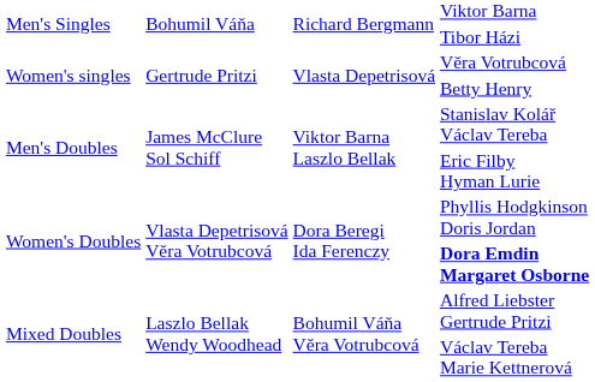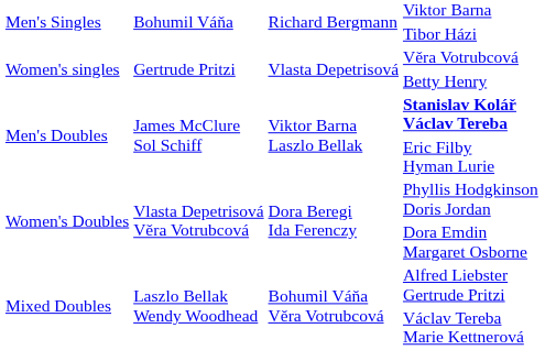 <table>
 <tr>
 <td rowspan=2><a href='#'>Men's Singles</a></td>
 <td rowspan=2> <a href='#'>Bohumil Váňa</a></td>
 <td rowspan=2> <a href='#'>Richard Bergmann</a></td>
 <td> <a href='#'>Viktor Barna</a></td>
 </tr>
 <tr>
 <td> <a href='#'>Tibor Házi</a></td>
 </tr>
 <tr>
 <td rowspan=2><a href='#'>Women's singles</a></td>
 <td rowspan=2> <a href='#'>Gertrude Pritzi</a></td>
 <td rowspan=2> <a href='#'>Vlasta Depetrisová</a></td>
 <td> <a href='#'>Věra Votrubcová</a></td>
 </tr>
 <tr>
 <td> <a href='#'>Betty Henry</a></td>
 </tr>
 <tr>
 <td rowspan=2><a href='#'>Men's Doubles</a></td>
 <td rowspan=2> <a href='#'>James McClure</a><br> <a href='#'>Sol Schiff</a></td>
 <td rowspan=2> <a href='#'>Viktor Barna</a><br> <a href='#'>Laszlo Bellak</a></td>
-<td> <a href='#'>Stanislav Kolář</a><br> <a href='#'>Václav Tereba</a></td>
+<td><strong> <a href='#'>Stanislav Kolář</a><br> <a href='#'>Václav Tereba</a></strong></td>
 </tr>
 <tr>
 <td> <a href='#'>Eric Filby</a><br> <a href='#'>Hyman Lurie</a></td>
 </tr>
 <tr>
 <td rowspan=2><a href='#'>Women's Doubles</a></td>
 <td rowspan=2> <a href='#'>Vlasta Depetrisová</a><br> <a href='#'>Věra Votrubcová</a></td>
 <td rowspan=2> <a href='#'>Dora Beregi</a><br> <a href='#'>Ida Ferenczy</a></td>
 <td> <a href='#'>Phyllis Hodgkinson</a><br> <a href='#'>Doris Jordan</a></td>
 </tr>
 <tr>
-<td><strong> <a href='#'>Dora Emdin</a><br> <a href='#'>Margaret Osborne</a></strong></td>
+<td> <a href='#'>Dora Emdin</a><br> <a href='#'>Margaret Osborne</a></td>
 </tr>
 <tr>
 <td rowspan=2><a href='#'>Mixed Doubles</a></td>
 <td rowspan=2> <a href='#'>Laszlo Bellak</a><br> <a href='#'>Wendy Woodhead</a></td>
 <td rowspan=2> <a href='#'>Bohumil Váňa</a><br> <a href='#'>Věra Votrubcová</a></td>
 <td> <a href='#'>Alfred Liebster</a><br> <a href='#'>Gertrude Pritzi</a></td>
 </tr>
 <tr>
 <td> <a href='#'>Václav Tereba</a><br> <a href='#'>Marie Kettnerová</a></td>
 </tr>
 </table>
